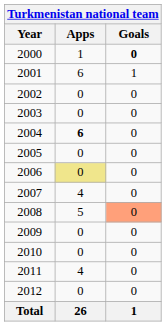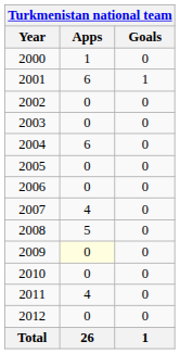 <table class="wikitable" style="text-align:center">
 <tr>
 <th colspan=3><a href='#'>Turkmenistan national team</a></th>
 </tr>
 <tr>
 <th>Year</th>
 <th>Apps</th>
 <th>Goals</th>
 </tr>
 <tr>
 <td>2000</td>
 <td>1</td>
-<td><strong>0</strong></td>
+<td>0</td>
 </tr>
 <tr>
 <td>2001</td>
 <td>6</td>
 <td>1</td>
 </tr>
 <tr>
 <td>2002</td>
 <td>0</td>
 <td>0</td>
 </tr>
 <tr>
 <td>2003</td>
 <td>0</td>
 <td>0</td>
 </tr>
 <tr>
 <td>2004</td>
-<td><strong>6</strong></td>
+<td>6</td>
 <td>0</td>
 </tr>
 <tr>
 <td>2005</td>
 <td>0</td>
 <td>0</td>
 </tr>
 <tr>
 <td>2006</td>
-<td style="background: khaki;">0</td>
+<td>0</td>
 <td>0</td>
 </tr>
 <tr>
 <td>2007</td>
 <td>4</td>
 <td>0</td>
 </tr>
 <tr>
 <td>2008</td>
 <td>5</td>
-<td style="background: lightsalmon;">0</td>
+<td>0</td>
 </tr>
 <tr>
 <td>2009</td>
-<td>0</td>
+<td style="background: lightyellow;">0</td>
 <td>0</td>
 </tr>
 <tr>
 <td>2010</td>
 <td>0</td>
 <td>0</td>
 </tr>
 <tr>
 <td>2011</td>
 <td>4</td>
 <td>0</td>
 </tr>
 <tr>
 <td>2012</td>
 <td>0</td>
 <td>0</td>
 </tr>
 <tr>
 <th>Total</th>
 <th>26</th>
 <th>1</th>
 </tr>
 </table>
